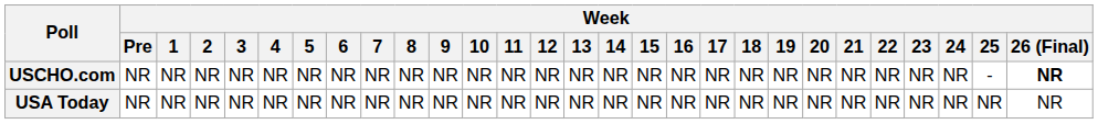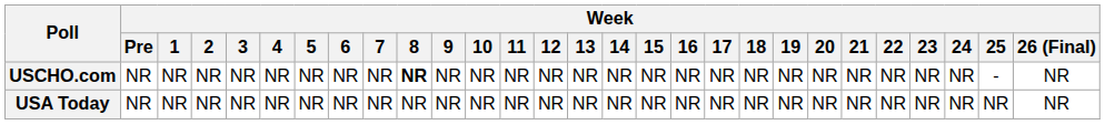 <table class="wikitable" style="white-space:nowrap;">
 <tr>
 <th scope="col" width="100" rowspan="2">Poll</th>
 <th colspan="30">Week</th>
 </tr>
 <tr>
 <th scope="col" width="30">Pre</th>
 <th scope="col" width="30">1</th>
 <th scope="col" width="30">2</th>
 <th scope="col" width="30">3</th>
 <th scope="col" width="30">4</th>
 <th scope="col" width="30">5</th>
 <th scope="col" width="30">6</th>
 <th scope="col" width="30">7</th>
 <th scope="col" width="30">8</th>
 <th scope="col" width="30">9</th>
 <th scope="col" width="30">10</th>
 <th scope="col" width="30">11</th>
 <th scope="col" width="30">12</th>
 <th scope="col" width="30">13</th>
 <th scope="col" width="30">14</th>
 <th scope="col" width="30">15</th>
 <th scope="col" width="30">16</th>
 <th scope="col" width="30">17</th>
 <th scope="col" width="30">18</th>
 <th scope="col" width="30">19</th>
 <th scope="col" width="30">20</th>
 <th scope="col" width="30">21</th>
 <th scope="col" width="30">22</th>
 <th scope="col" width="30">23</th>
 <th scope="col" width="30">24</th>
 <th scope="col" width="30">25</th>
 <th scope="col" width="30">26 (Final)</th>
 </tr>
 <tr style="text-align:center;">
 <th>USCHO.com</th>
 <td bgcolor=FFFFFF>NR</td>
 <td bgcolor=FFFFFF>NR</td>
 <td bgcolor=FFFFFF>NR</td>
 <td bgcolor=FFFFFF>NR</td>
 <td bgcolor=FFFFFF>NR</td>
 <td bgcolor=FFFFFF>NR</td>
 <td bgcolor=FFFFFF>NR</td>
 <td bgcolor=FFFFFF>NR</td>
-<td bgcolor=FFFFFF>NR</td>
+<td bgcolor=FFFFFF><strong>NR</strong></td>
 <td bgcolor=FFFFFF>NR</td>
 <td bgcolor=FFFFFF>NR</td>
 <td bgcolor=FFFFFF>NR</td>
 <td bgcolor=FFFFFF>NR</td>
 <td bgcolor=FFFFFF>NR</td>
 <td bgcolor=FFFFFF>NR</td>
 <td bgcolor=FFFFFF>NR</td>
 <td bgcolor=FFFFFF>NR</td>
 <td bgcolor=FFFFFF>NR</td>
 <td bgcolor=FFFFFF>NR</td>
 <td bgcolor=FFFFFF>NR</td>
 <td bgcolor=FFFFFF>NR</td>
 <td bgcolor=FFFFFF>NR</td>
 <td bgcolor=FFFFFF>NR</td>
 <td bgcolor=FFFFFF>NR</td>
 <td bgcolor=FFFFFF>NR</td>
 <td bgcolor=FFFFFF>-</td>
-<td bgcolor=FFFFFF><strong>NR</strong></td>
+<td bgcolor=FFFFFF>NR</td>
 </tr>
 <tr style="text-align:center;">
 <th>USA Today</th>
 <td bgcolor=FFFFFF>NR</td>
 <td bgcolor=FFFFFF>NR</td>
 <td bgcolor=FFFFFF>NR</td>
 <td bgcolor=FFFFFF>NR</td>
 <td bgcolor=FFFFFF>NR</td>
 <td bgcolor=FFFFFF>NR</td>
 <td bgcolor=FFFFFF>NR</td>
 <td bgcolor=FFFFFF>NR</td>
 <td bgcolor=FFFFFF>NR</td>
 <td bgcolor=FFFFFF>NR</td>
 <td bgcolor=FFFFFF>NR</td>
 <td bgcolor=FFFFFF>NR</td>
 <td bgcolor=FFFFFF>NR</td>
 <td bgcolor=FFFFFF>NR</td>
 <td bgcolor=FFFFFF>NR</td>
 <td bgcolor=FFFFFF>NR</td>
 <td bgcolor=FFFFFF>NR</td>
 <td bgcolor=FFFFFF>NR</td>
 <td bgcolor=FFFFFF>NR</td>
 <td bgcolor=FFFFFF>NR</td>
 <td bgcolor=FFFFFF>NR</td>
 <td bgcolor=FFFFFF>NR</td>
 <td bgcolor=FFFFFF>NR</td>
 <td bgcolor=FFFFFF>NR</td>
 <td bgcolor=FFFFFF>NR</td>
 <td bgcolor=FFFFFF>NR</td>
 <td bgcolor=FFFFFF>NR</td>
 </tr>
 </table>
